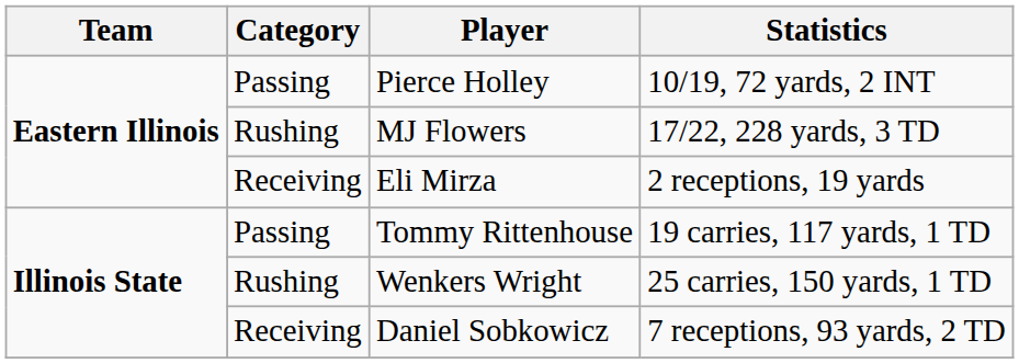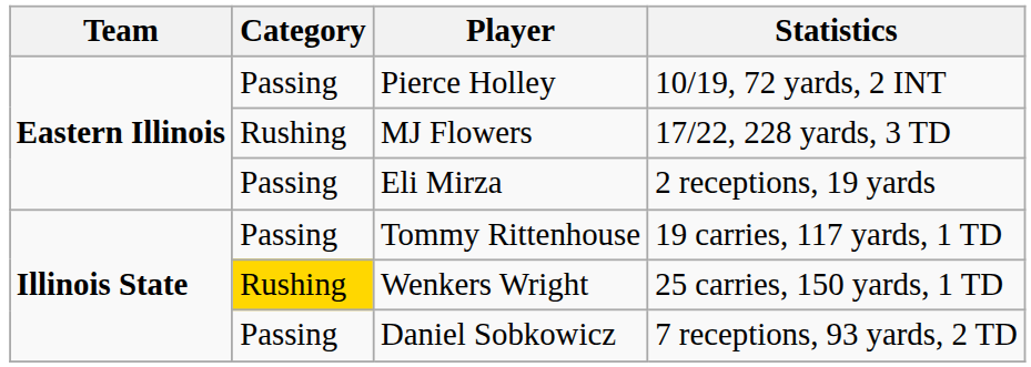 <table class="wikitable" style="float: right;">
 <tr>
 <th>Team</th>
 <th>Category</th>
 <th>Player</th>
 <th>Statistics</th>
 </tr>
 <tr>
 <td rowspan=3><strong>Eastern Illinois</strong></td>
 <td>Passing</td>
 <td>Pierce Holley</td>
 <td>10/19, 72 yards, 2 INT</td>
 </tr>
 <tr>
 <td>Rushing</td>
 <td>MJ Flowers</td>
 <td>17/22, 228 yards, 3 TD</td>
 </tr>
 <tr>
-<td>Receiving</td>
+<td>Passing</td>
 <td>Eli Mirza</td>
 <td>2 receptions, 19 yards</td>
 </tr>
 <tr>
 <td rowspan=3><strong>Illinois State</strong></td>
 <td>Passing</td>
 <td>Tommy Rittenhouse</td>
 <td>19 carries, 117 yards, 1 TD</td>
 </tr>
 <tr>
-<td>Rushing</td>
+<td style="background: gold;">Rushing</td>
 <td>Wenkers Wright</td>
 <td>25 carries, 150 yards, 1 TD</td>
 </tr>
 <tr>
-<td>Receiving</td>
+<td>Passing</td>
 <td>Daniel Sobkowicz</td>
 <td>7 receptions, 93 yards, 2 TD</td>
 </tr>
 </table>
